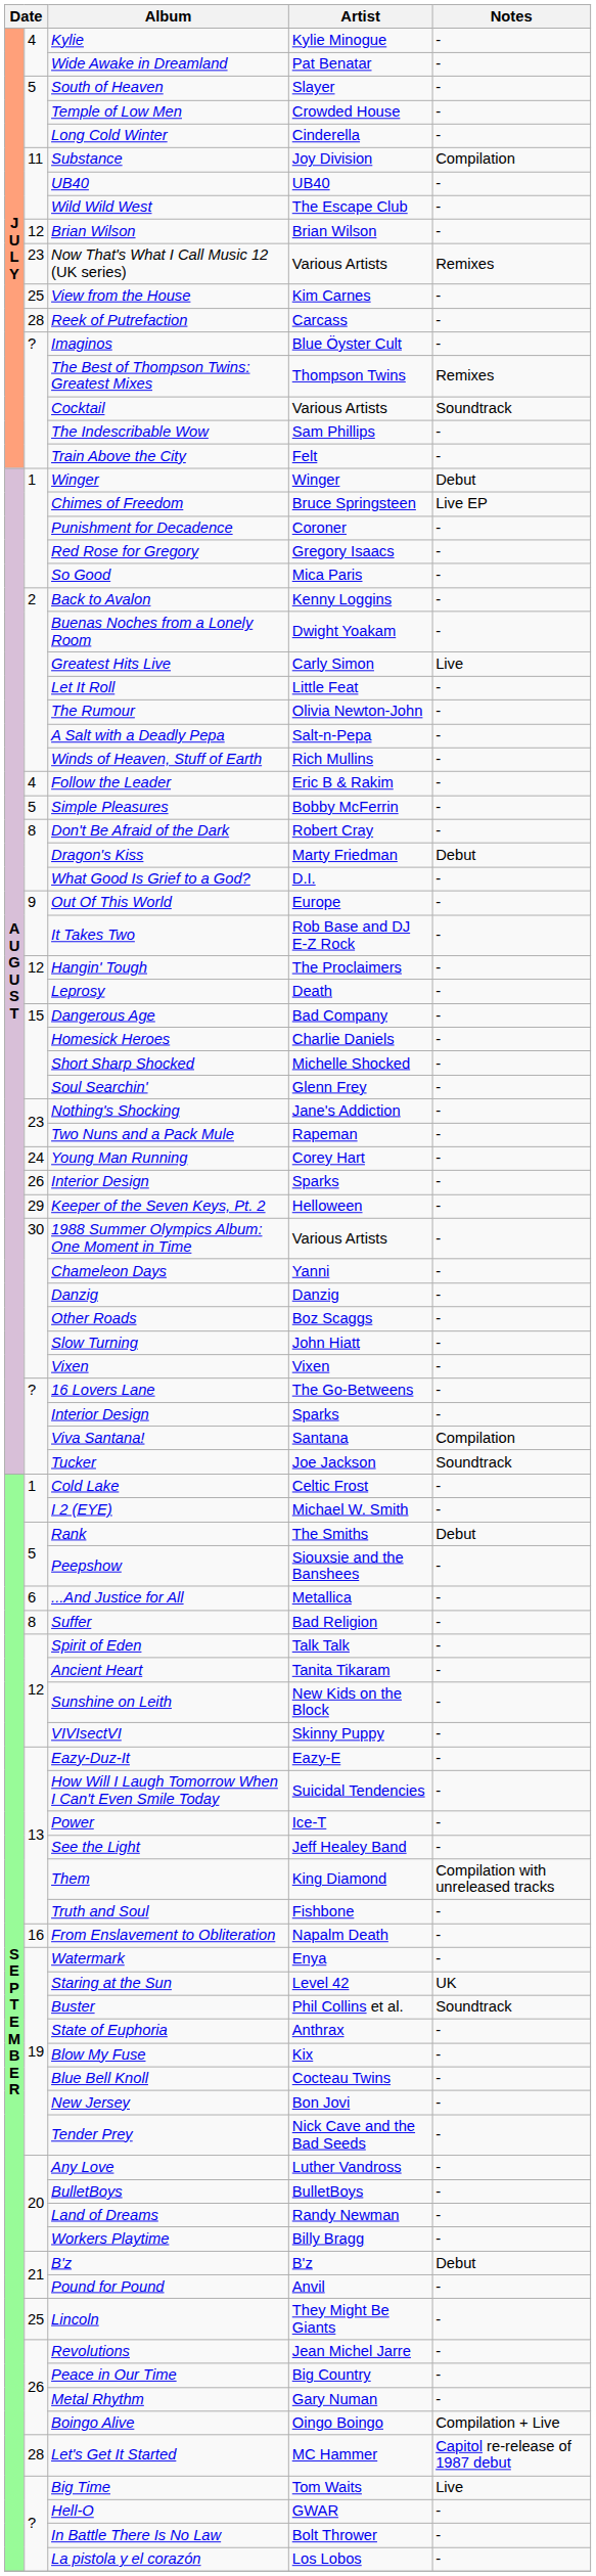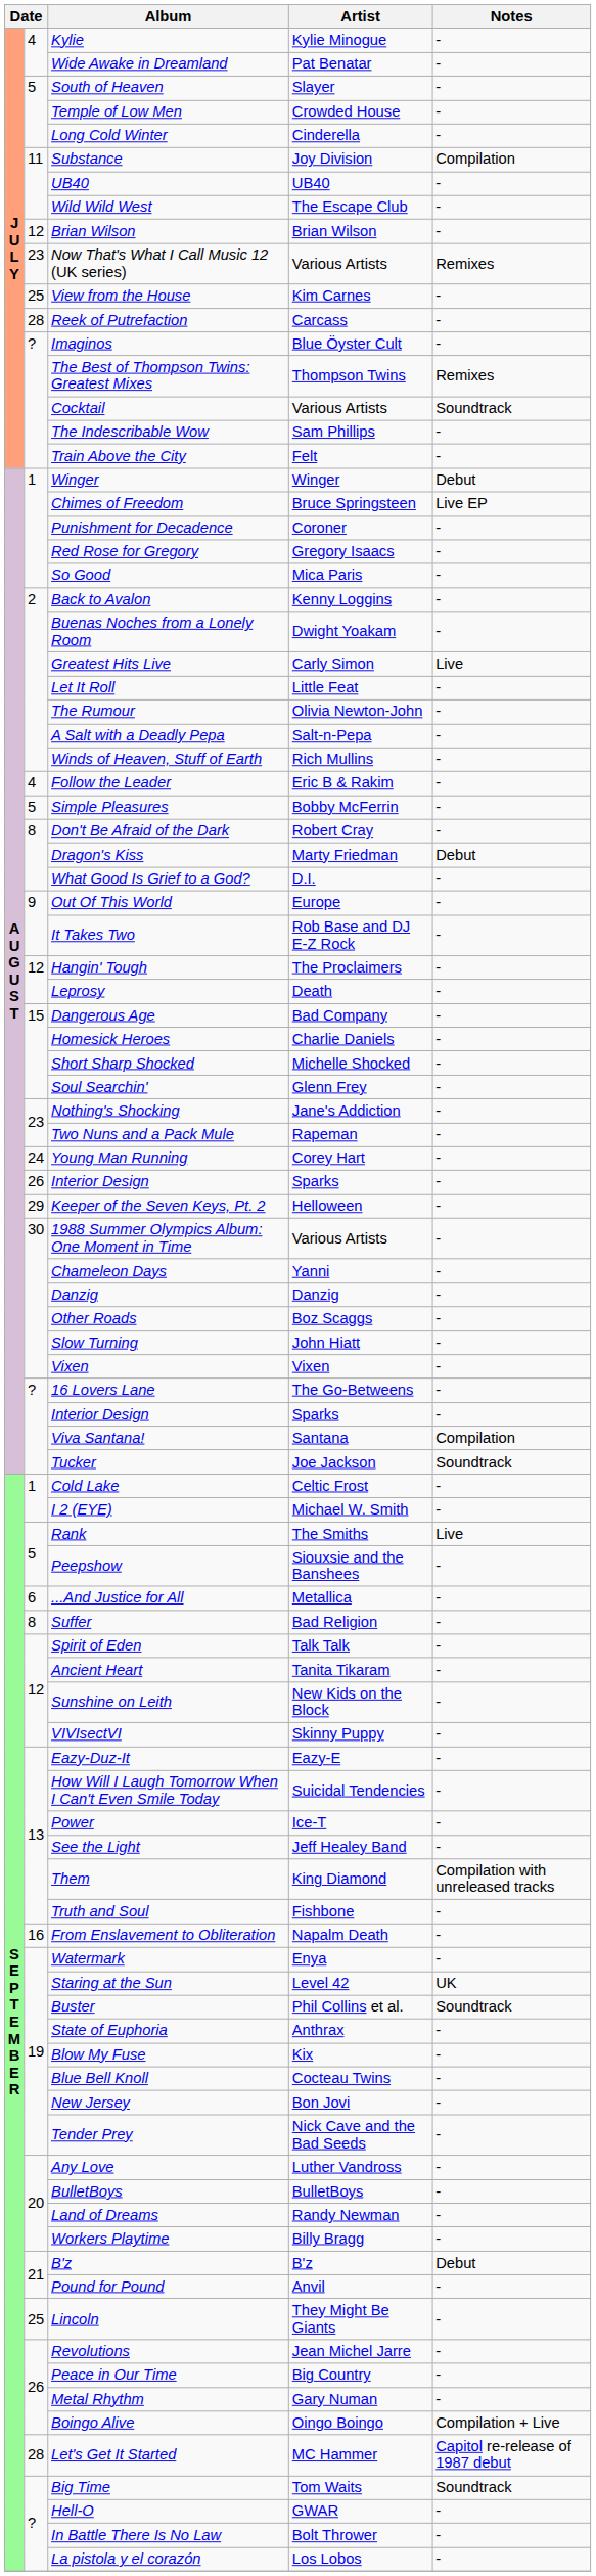 <table class="wikitable" width="100%">
 <tr>
 <th colspan="2">Date</th>
 <th>Album</th>
 <th>Artist</th>
 <th>Notes</th>
 </tr>
 <tr>
 <td rowspan="17" valign="center" align="center" style="background:#FFA07A; textcolor:#000;"><strong>J<br>U<br>L<br>Y</strong></td>
 <td rowspan="2" style="vertical-align:top;">4</td>
 <td><em><a href='#'>Kylie</a></em></td>
 <td><a href='#'>Kylie Minogue</a></td>
 <td>-</td>
 </tr>
 <tr>
 <td><em><a href='#'>Wide Awake in Dreamland</a></em></td>
 <td><a href='#'>Pat Benatar</a></td>
 <td>-</td>
 </tr>
 <tr>
 <td rowspan="3" style="vertical-align:top;">5</td>
 <td><em><a href='#'>South of Heaven</a></em></td>
 <td><a href='#'>Slayer</a></td>
 <td>-</td>
 </tr>
 <tr>
 <td><em><a href='#'>Temple of Low Men</a></em></td>
 <td><a href='#'>Crowded House</a></td>
 <td>-</td>
 </tr>
 <tr>
 <td><em><a href='#'>Long Cold Winter</a></em></td>
 <td><a href='#'>Cinderella</a></td>
 <td>-</td>
 </tr>
 <tr>
 <td rowspan="3" style="vertical-align:top;">11</td>
 <td><em><a href='#'>Substance</a></em></td>
 <td><a href='#'>Joy Division</a></td>
 <td>Compilation</td>
 </tr>
 <tr>
 <td><em><a href='#'>UB40</a></em></td>
 <td><a href='#'>UB40</a></td>
 <td>-</td>
 </tr>
 <tr>
 <td><em><a href='#'>Wild Wild West</a></em></td>
 <td><a href='#'>The Escape Club</a></td>
 <td>-</td>
 </tr>
 <tr>
 <td style="vertical-align:top;">12</td>
 <td><em><a href='#'>Brian Wilson</a></em></td>
 <td><a href='#'>Brian Wilson</a></td>
 <td>-</td>
 </tr>
 <tr>
 <td style="vertical-align:top;">23</td>
 <td><em>Now That's What I Call Music 12</em> (UK series)</td>
 <td>Various Artists</td>
 <td>Remixes</td>
 </tr>
 <tr>
 <td style="vertical-align:top;">25</td>
 <td><em><a href='#'>View from the House</a></em></td>
 <td><a href='#'>Kim Carnes</a></td>
 <td>-</td>
 </tr>
 <tr>
 <td style="vertical-align:top;">28</td>
 <td><em><a href='#'>Reek of Putrefaction</a></em></td>
 <td><a href='#'>Carcass</a></td>
 <td>-</td>
 </tr>
 <tr>
 <td rowspan="5" style="vertical-align:top;">?</td>
 <td><em><a href='#'>Imaginos</a></em></td>
 <td><a href='#'>Blue Öyster Cult</a></td>
 <td>-</td>
 </tr>
 <tr>
 <td><em><a href='#'>The Best of Thompson Twins: Greatest Mixes</a></em></td>
 <td><a href='#'>Thompson Twins</a></td>
 <td>Remixes</td>
 </tr>
 <tr>
 <td><em><a href='#'>Cocktail</a></em></td>
 <td>Various Artists</td>
 <td>Soundtrack</td>
 </tr>
 <tr>
 <td><em><a href='#'>The Indescribable Wow</a></em></td>
 <td><a href='#'>Sam Phillips</a></td>
 <td>-</td>
 </tr>
 <tr>
 <td><em><a href='#'>Train Above the City</a></em></td>
 <td><a href='#'>Felt</a></td>
 <td>-</td>
 </tr>
 <tr>
 <td rowspan="40" style="background:#D8BFD8; textcolor:#000;" valign="center" align="center"><strong>A<br>U<br>G<br>U<br>S<br>T</strong></td>
 <td rowspan="5" style="vertical-align:top;">1</td>
 <td><em><a href='#'>Winger</a></em></td>
 <td><a href='#'>Winger</a></td>
 <td>Debut</td>
 </tr>
 <tr>
 <td><em><a href='#'>Chimes of Freedom</a></em></td>
 <td><a href='#'>Bruce Springsteen</a></td>
 <td>Live EP</td>
 </tr>
 <tr>
 <td><em><a href='#'>Punishment for Decadence</a></em></td>
 <td><a href='#'>Coroner</a></td>
 <td>-</td>
 </tr>
 <tr>
 <td><em><a href='#'>Red Rose for Gregory</a></em></td>
 <td><a href='#'>Gregory Isaacs</a></td>
 <td>-</td>
 </tr>
 <tr>
 <td><em><a href='#'>So Good</a></em></td>
 <td><a href='#'>Mica Paris</a></td>
 <td>-</td>
 </tr>
 <tr>
 <td rowspan="7" style="vertical-align:top;">2</td>
 <td><em><a href='#'>Back to Avalon</a></em></td>
 <td><a href='#'>Kenny Loggins</a></td>
 <td>-</td>
 </tr>
 <tr>
 <td><em><a href='#'>Buenas Noches from a Lonely Room</a></em></td>
 <td><a href='#'>Dwight Yoakam</a></td>
 <td>-</td>
 </tr>
 <tr>
 <td><em><a href='#'>Greatest Hits Live</a></em></td>
 <td><a href='#'>Carly Simon</a></td>
 <td>Live</td>
 </tr>
 <tr>
 <td><em><a href='#'>Let It Roll</a></em></td>
 <td><a href='#'>Little Feat</a></td>
 <td>-</td>
 </tr>
 <tr>
 <td><em><a href='#'>The Rumour</a></em></td>
 <td><a href='#'>Olivia Newton-John</a></td>
 <td>-</td>
 </tr>
 <tr>
 <td><em><a href='#'>A Salt with a Deadly Pepa</a></em></td>
 <td><a href='#'>Salt-n-Pepa</a></td>
 <td>-</td>
 </tr>
 <tr>
 <td><em><a href='#'>Winds of Heaven, Stuff of Earth</a></em></td>
 <td><a href='#'>Rich Mullins</a></td>
 <td>-</td>
 </tr>
 <tr>
 <td style="vertical-align:top;">4</td>
 <td><em><a href='#'>Follow the Leader</a></em></td>
 <td><a href='#'>Eric B & Rakim</a></td>
 <td>-</td>
 </tr>
 <tr>
 <td style="vertical-align:top;">5</td>
 <td><em><a href='#'>Simple Pleasures</a></em></td>
 <td><a href='#'>Bobby McFerrin</a></td>
 <td>-</td>
 </tr>
 <tr>
 <td rowspan="3" style="vertical-align:top;">8</td>
 <td><em><a href='#'>Don't Be Afraid of the Dark</a></em></td>
 <td><a href='#'>Robert Cray</a></td>
 <td>-</td>
 </tr>
 <tr>
 <td><em><a href='#'>Dragon's Kiss</a></em></td>
 <td><a href='#'>Marty Friedman</a></td>
 <td>Debut</td>
 </tr>
 <tr>
 <td><em><a href='#'>What Good Is Grief to a God?</a></em></td>
 <td><a href='#'>D.I.</a></td>
 <td>-</td>
 </tr>
 <tr>
 <td rowspan="2" style="vertical-align:top;">9</td>
 <td><em><a href='#'>Out Of This World</a></em></td>
 <td><a href='#'>Europe</a></td>
 <td>-</td>
 </tr>
 <tr>
 <td><em><a href='#'>It Takes Two</a></em></td>
 <td><a href='#'>Rob Base and DJ E-Z Rock</a></td>
 <td>-</td>
 </tr>
 <tr>
 <td rowspan="2" style="vertical-align:top;">12</td>
 <td><em><a href='#'>Hangin' Tough</a></em></td>
 <td><a href='#'>The Proclaimers</a></td>
 <td>-</td>
 </tr>
 <tr>
 <td><em><a href='#'>Leprosy</a></em></td>
 <td><a href='#'>Death</a></td>
 <td>-</td>
 </tr>
 <tr>
 <td rowspan="4" style="vertical-align:top;">15</td>
 <td style="vertical-align:top;"><em><a href='#'>Dangerous Age</a></em></td>
 <td><a href='#'>Bad Company</a></td>
 <td>-</td>
 </tr>
 <tr>
 <td><em><a href='#'>Homesick Heroes</a></em></td>
 <td><a href='#'>Charlie Daniels</a></td>
 <td>-</td>
 </tr>
 <tr>
 <td><em><a href='#'>Short Sharp Shocked</a></em></td>
 <td><a href='#'>Michelle Shocked</a></td>
 <td>-</td>
 </tr>
 <tr>
 <td><em><a href='#'>Soul Searchin'</a></em></td>
 <td><a href='#'>Glenn Frey</a></td>
 <td>-</td>
 </tr>
 <tr>
 <td rowspan="2">23</td>
 <td><em><a href='#'>Nothing's Shocking</a></em></td>
 <td><a href='#'>Jane's Addiction</a></td>
 <td>-</td>
 </tr>
 <tr>
 <td><em><a href='#'>Two Nuns and a Pack Mule</a></em></td>
 <td><a href='#'>Rapeman</a></td>
 <td>-</td>
 </tr>
 <tr>
 <td style="vertical-align:top;">24</td>
 <td><em><a href='#'>Young Man Running</a></em></td>
 <td><a href='#'>Corey Hart</a></td>
 <td>-</td>
 </tr>
 <tr>
 <td style="vertical-align:top;">26</td>
 <td><em><a href='#'>Interior Design</a></em></td>
 <td><a href='#'>Sparks</a></td>
 <td>-</td>
 </tr>
 <tr>
 <td style="vertical-align:top;">29</td>
 <td><em><a href='#'>Keeper of the Seven Keys, Pt. 2</a></em></td>
 <td><a href='#'>Helloween</a></td>
 <td>-</td>
 </tr>
 <tr>
 <td rowspan="6" style="vertical-align:top;">30</td>
 <td><em><a href='#'>1988 Summer Olympics Album: One Moment in Time</a></em></td>
 <td>Various Artists</td>
 <td>-</td>
 </tr>
 <tr>
 <td><em><a href='#'>Chameleon Days</a></em></td>
 <td><a href='#'>Yanni</a></td>
 <td>-</td>
 </tr>
 <tr>
 <td><em><a href='#'>Danzig</a></em></td>
 <td><a href='#'>Danzig</a></td>
 <td>-</td>
 </tr>
 <tr>
 <td><em><a href='#'>Other Roads</a></em></td>
 <td><a href='#'>Boz Scaggs</a></td>
 <td>-</td>
 </tr>
 <tr>
 <td><em><a href='#'>Slow Turning</a></em></td>
 <td><a href='#'>John Hiatt</a></td>
 <td>-</td>
 </tr>
 <tr>
 <td><em><a href='#'>Vixen</a></em></td>
 <td><a href='#'>Vixen</a></td>
 <td>-</td>
 </tr>
 <tr>
 <td rowspan="4" style="vertical-align:top;">?</td>
 <td><em><a href='#'>16 Lovers Lane</a></em></td>
 <td><a href='#'>The Go-Betweens</a></td>
 <td>-</td>
 </tr>
 <tr>
 <td><em><a href='#'>Interior Design</a></em></td>
 <td><a href='#'>Sparks</a></td>
 <td>-</td>
 </tr>
 <tr>
 <td><em><a href='#'>Viva Santana!</a></em></td>
 <td><a href='#'>Santana</a></td>
 <td>Compilation</td>
 </tr>
 <tr>
 <td><em><a href='#'>Tucker</a></em></td>
 <td><a href='#'>Joe Jackson</a></td>
 <td>Soundtrack</td>
 </tr>
 <tr>
 <td rowspan="41" style="background:#98FB98; textcolor:#000;" valign="center" align="center"><strong>S<br>E<br>P<br>T<br>E<br>M<br>B<br>E<br>R</strong></td>
 <td rowspan="2" style="vertical-align:top;">1</td>
 <td><em><a href='#'>Cold Lake</a></em></td>
 <td><a href='#'>Celtic Frost</a></td>
 <td>-</td>
 </tr>
 <tr>
 <td><em><a href='#'>I 2 (EYE)</a></em></td>
 <td><a href='#'>Michael W. Smith</a></td>
 <td>-</td>
 </tr>
 <tr>
 <td rowspan="2">5</td>
 <td><em><a href='#'>Rank</a></em></td>
 <td><a href='#'>The Smiths</a></td>
-<td>Debut</td>
+<td>Live</td>
 </tr>
 <tr>
 <td><em><a href='#'>Peepshow</a></em></td>
 <td><a href='#'>Siouxsie and the Banshees</a></td>
 <td>-</td>
 </tr>
 <tr>
 <td rowspan="1">6</td>
 <td><em><a href='#'>...And Justice for All</a></em></td>
 <td><a href='#'>Metallica</a></td>
 <td>-</td>
 </tr>
 <tr>
 <td rowspan="1">8</td>
 <td><em><a href='#'>Suffer</a></em></td>
 <td><a href='#'>Bad Religion</a></td>
 <td>-</td>
 </tr>
 <tr>
 <td rowspan="4">12</td>
 <td><em><a href='#'>Spirit of Eden</a></em></td>
 <td><a href='#'>Talk Talk</a></td>
 <td>-</td>
 </tr>
 <tr>
 <td><em><a href='#'>Ancient Heart</a></em></td>
 <td><a href='#'>Tanita Tikaram</a></td>
 <td>-</td>
 </tr>
 <tr>
 <td><em><a href='#'>Sunshine on Leith</a></em></td>
 <td><a href='#'>New Kids on the Block</a></td>
 <td>-</td>
 </tr>
 <tr>
 <td><em><a href='#'>VIVIsectVI</a></em></td>
 <td><a href='#'>Skinny Puppy</a></td>
 <td>-</td>
 </tr>
 <tr>
 <td rowspan="6">13</td>
 <td><em><a href='#'>Eazy-Duz-It</a></em></td>
 <td><a href='#'>Eazy-E</a></td>
 <td>-</td>
 </tr>
 <tr>
 <td><em><a href='#'>How Will I Laugh Tomorrow When I Can't Even Smile Today</a></em></td>
 <td><a href='#'>Suicidal Tendencies</a></td>
 <td>-</td>
 </tr>
 <tr>
 <td><em><a href='#'>Power</a></em></td>
 <td><a href='#'>Ice-T</a></td>
 <td>-</td>
 </tr>
 <tr>
 <td><em><a href='#'>See the Light</a></em></td>
 <td><a href='#'>Jeff Healey Band</a></td>
 <td>-</td>
 </tr>
 <tr>
 <td><em><a href='#'>Them</a></em></td>
 <td><a href='#'>King Diamond</a></td>
 <td>Compilation with unreleased tracks</td>
 </tr>
 <tr>
 <td><em><a href='#'>Truth and Soul</a></em></td>
 <td><a href='#'>Fishbone</a></td>
 <td>-</td>
 </tr>
 <tr>
 <td rowspan="1">16</td>
 <td><em><a href='#'>From Enslavement to Obliteration</a></em></td>
 <td><a href='#'>Napalm Death</a></td>
 <td>-</td>
 </tr>
 <tr>
 <td rowspan="8">19</td>
 <td><em><a href='#'>Watermark</a></em></td>
 <td><a href='#'>Enya</a></td>
 <td>-</td>
 </tr>
 <tr>
 <td><em><a href='#'>Staring at the Sun</a></em></td>
 <td><a href='#'>Level 42</a></td>
 <td>UK</td>
 </tr>
 <tr>
 <td><em><a href='#'>Buster</a></em></td>
 <td><a href='#'>Phil Collins</a> et al.</td>
 <td>Soundtrack</td>
 </tr>
 <tr>
 <td><em><a href='#'>State of Euphoria</a></em></td>
 <td><a href='#'>Anthrax</a></td>
 <td>-</td>
 </tr>
 <tr>
 <td><em><a href='#'>Blow My Fuse</a></em></td>
 <td><a href='#'>Kix</a></td>
 <td>-</td>
 </tr>
 <tr>
 <td><em><a href='#'>Blue Bell Knoll</a></em></td>
 <td><a href='#'>Cocteau Twins</a></td>
 <td>-</td>
 </tr>
 <tr>
 <td><em><a href='#'>New Jersey</a></em></td>
 <td><a href='#'>Bon Jovi</a></td>
 <td>-</td>
 </tr>
 <tr>
 <td><em><a href='#'>Tender Prey</a></em></td>
 <td><a href='#'>Nick Cave and the Bad Seeds</a></td>
 <td>-</td>
 </tr>
 <tr>
 <td rowspan="4">20</td>
 <td><em><a href='#'>Any Love</a></em></td>
 <td><a href='#'>Luther Vandross</a></td>
 <td>-</td>
 </tr>
 <tr>
 <td><em><a href='#'>BulletBoys</a></em></td>
 <td><a href='#'>BulletBoys</a></td>
 <td>-</td>
 </tr>
 <tr>
 <td><em><a href='#'>Land of Dreams</a></em></td>
 <td><a href='#'>Randy Newman</a></td>
 <td>-</td>
 </tr>
 <tr>
 <td><em><a href='#'>Workers Playtime</a></em></td>
 <td><a href='#'>Billy Bragg</a></td>
 <td>-</td>
 </tr>
 <tr>
 <td rowspan="2">21</td>
 <td><em><a href='#'>B'z</a></em></td>
 <td><a href='#'>B'z</a></td>
 <td>Debut</td>
 </tr>
 <tr>
 <td><em><a href='#'>Pound for Pound</a></em></td>
 <td><a href='#'>Anvil</a></td>
 <td>-</td>
 </tr>
 <tr>
 <td>25</td>
 <td><em><a href='#'>Lincoln</a></em></td>
 <td><a href='#'>They Might Be Giants</a></td>
 <td>-</td>
 </tr>
 <tr>
 <td rowspan="4">26</td>
 <td><em><a href='#'>Revolutions</a></em></td>
 <td><a href='#'>Jean Michel Jarre</a></td>
 <td>-</td>
 </tr>
 <tr>
 <td><em><a href='#'>Peace in Our Time</a></em></td>
 <td><a href='#'>Big Country</a></td>
 <td>-</td>
 </tr>
 <tr>
 <td><em><a href='#'>Metal Rhythm</a></em></td>
 <td><a href='#'>Gary Numan</a></td>
 <td>-</td>
 </tr>
 <tr>
 <td><em><a href='#'>Boingo Alive</a></em></td>
 <td><a href='#'>Oingo Boingo</a></td>
 <td>Compilation + Live</td>
 </tr>
 <tr>
 <td rowspan="1">28</td>
 <td><em><a href='#'>Let's Get It Started</a></em></td>
 <td><a href='#'>MC Hammer</a></td>
 <td><a href='#'>Capitol</a> re-release of <a href='#'>1987 debut</a></td>
 </tr>
 <tr>
 <td rowspan="4">?</td>
 <td><em><a href='#'>Big Time</a></em></td>
 <td><a href='#'>Tom Waits</a></td>
-<td>Live</td>
+<td>Soundtrack</td>
 </tr>
 <tr>
 <td><em><a href='#'>Hell-O</a></em></td>
 <td><a href='#'>GWAR</a></td>
 <td>-</td>
 </tr>
 <tr>
 <td><em><a href='#'>In Battle There Is No Law</a></em></td>
 <td><a href='#'>Bolt Thrower</a></td>
 <td>-</td>
 </tr>
 <tr>
 <td><em><a href='#'>La pistola y el corazón</a></em></td>
 <td><a href='#'>Los Lobos</a></td>
 <td>-</td>
 </tr>
 <tr>
 </tr>
 </table>
